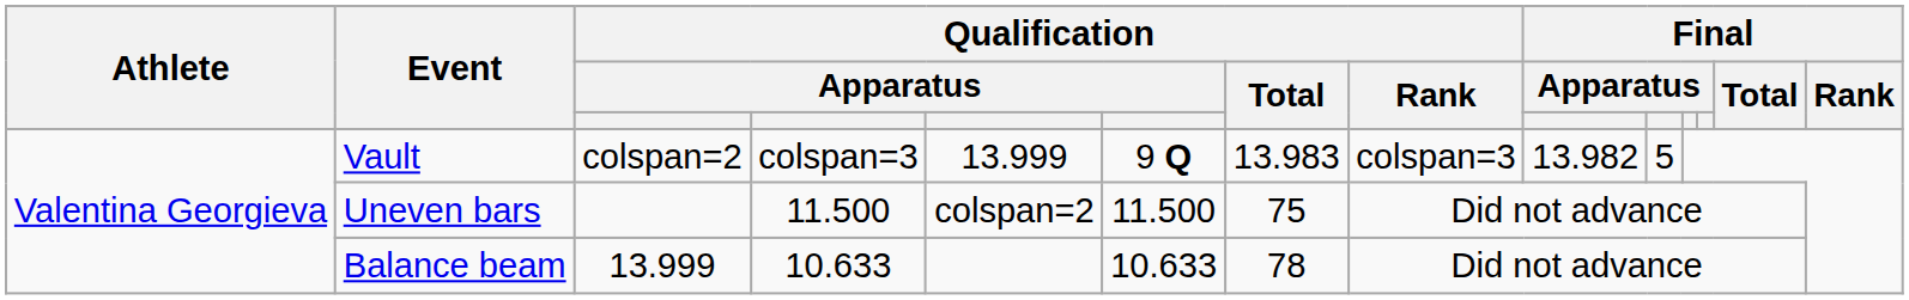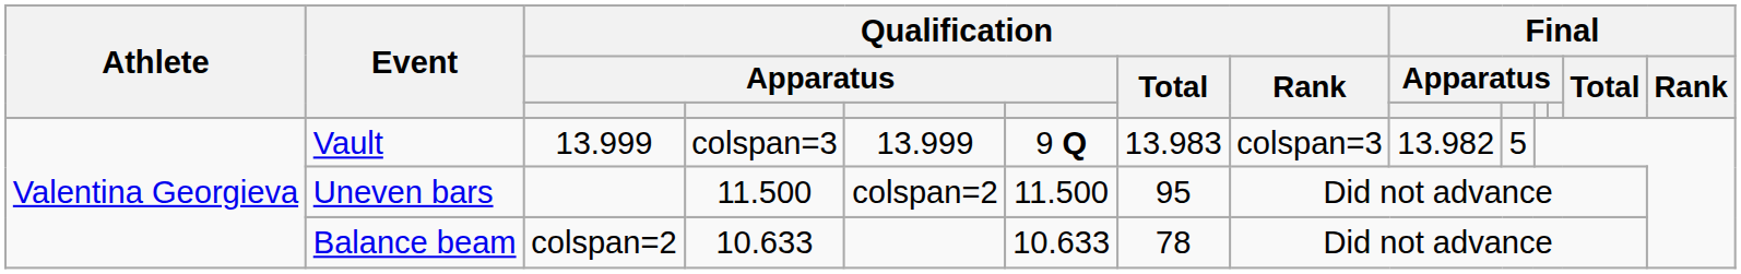 <table class="wikitable" style="font-size:90%">
 <tr>
 <th rowspan=3>Athlete</th>
 <th rowspan=3>Event</th>
 <th colspan=6>Qualification</th>
 <th colspan=6>Final</th>
 </tr>
 <tr style="font-size:95%">
 <th colspan=4>Apparatus</th>
 <th rowspan=2>Total</th>
 <th rowspan=2>Rank</th>
 <th colspan=4>Apparatus</th>
 <th rowspan=2>Total</th>
 <th rowspan=2>Rank</th>
 </tr>
 <tr style="font-size:95%">
 <th></th>
 <th></th>
 <th></th>
 <th></th>
 <th></th>
 <th></th>
 <th></th>
 <th></th>
 </tr>
 <tr align=center>
 <td align=left rowspan=3><a href='#'>Valentina Georgieva</a></td>
 <td align=left><a href='#'>Vault</a></td>
-<td>colspan=2 </td>
+<td>13.999</td>
 <td>colspan=3 </td>
 <td>13.999</td>
 <td>9 <strong>Q</strong></td>
 <td>13.983</td>
 <td>colspan=3 </td>
 <td>13.982</td>
 <td>5</td>
 </tr>
 <tr align=center>
 <td align=left><a href='#'>Uneven bars</a></td>
 <td></td>
 <td>11.500</td>
 <td>colspan=2 </td>
 <td>11.500</td>
-<td>75</td>
+<td>95</td>
 <td colspan=6>Did not advance</td>
 </tr>
 <tr align=center>
 <td align=left><a href='#'>Balance beam</a></td>
-<td>13.999</td>
+<td>colspan=2 </td>
 <td>10.633</td>
 <td></td>
 <td>10.633</td>
 <td>78</td>
 <td colspan=6>Did not advance</td>
 </tr>
 </table>
